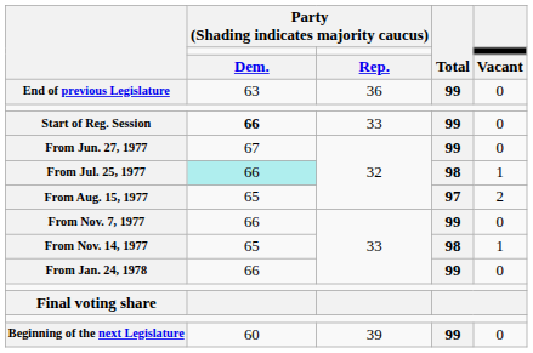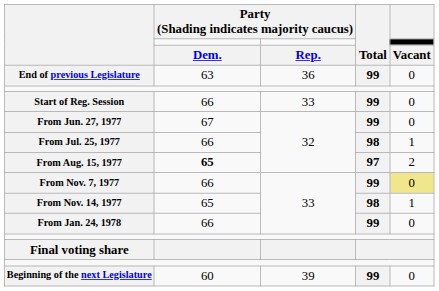 <table class=wikitable style="text-align:center">
 <tr style="vertical-align:bottom;">
 <th rowspan=3></th>
 <th colspan=2>Party <div>(Shading indicates majority caucus)</div></th>
 <th rowspan=3>Total</th>
 <th></th>
 </tr>
 <tr style="height:5px">
 <td style="background-color:"></td>
 <td style="background-color:"></td>
 <td style="background:black;"></td>
 </tr>
 <tr>
 <th><a href='#'>Dem.</a></th>
 <th><a href='#'>Rep.</a></th>
 <th>Vacant</th>
 </tr>
 <tr>
 <th style="font-size:80%;">End of <a href='#'>previous Legislature</a></th>
 <td>63</td>
 <td>36</td>
 <th>99</th>
 <td>0</td>
 </tr>
 <tr>
 <td colspan=6></td>
 </tr>
 <tr>
 <th style="font-size:80%;">Start of Reg. Session</th>
-<td><strong>66</strong></td>
+<td>66</td>
 <td>33</td>
 <th>99</th>
 <td>0</td>
 </tr>
 <tr>
 <th style="font-size:80%;">From Jun. 27, 1977</th>
 <td>67</td>
 <td rowspan="3">32</td>
 <th>99</th>
 <td>0</td>
 </tr>
 <tr>
 <th style="font-size:80%;">From Jul. 25, 1977</th>
-<td style="background: paleturquoise;">66</td>
+<td>66</td>
 <th>98</th>
 <td>1</td>
 </tr>
 <tr>
 <th style="font-size:80%;">From Aug. 15, 1977</th>
-<td>65</td>
+<td><strong>65</strong></td>
 <th>97</th>
 <td>2</td>
 </tr>
 <tr>
 <th style="font-size:80%;">From Nov. 7, 1977</th>
 <td>66</td>
 <td rowspan="3">33</td>
 <th>99</th>
-<td>0</td>
+<td style="background: khaki;">0</td>
 </tr>
 <tr>
 <th style="font-size:80%;">From Nov. 14, 1977</th>
 <td>65</td>
 <th>98</th>
 <td>1</td>
 </tr>
 <tr>
 <th style="font-size:80%;">From Jan. 24, 1978</th>
 <td>66</td>
 <th>99</th>
 <td>0</td>
 </tr>
 <tr>
 <td colspan=5></td>
 </tr>
 <tr>
 <th>Final voting share</th>
 <th></th>
 <th></th>
 <th colspan=2></th>
 </tr>
 <tr>
 <td colspan=5></td>
 </tr>
 <tr>
 <th style="font-size:80%;">Beginning of the <a href='#'>next Legislature</a></th>
 <td>60</td>
 <td>39</td>
 <th>99</th>
 <td>0</td>
 </tr>
 </table>
